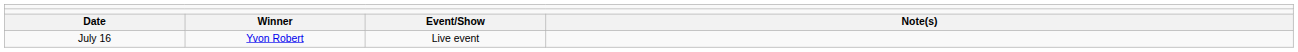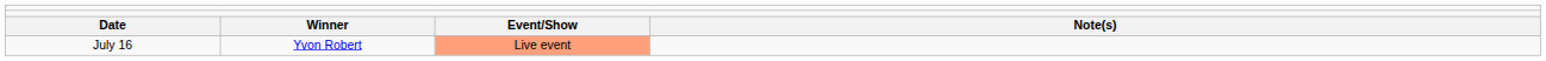 <table class="wikitable" style="text-align:center; width:100%;">
 <tr>
 <td colspan=5></td>
 </tr>
 <tr>
 <td colspan=5><strong></strong></td>
 </tr>
 <tr>
 <th width=14%>Date</th>
 <th width=14%>Winner</th>
 <th width=14%>Event/Show</th>
 <th width=58%>Note(s)</th>
 </tr>
 <tr>
 <td>July 16</td>
 <td><a href='#'>Yvon Robert</a></td>
-<td>Live event</td>
+<td style="background: lightsalmon;">Live event</td>
 <td align=left></td>
 </tr>
 </table>
